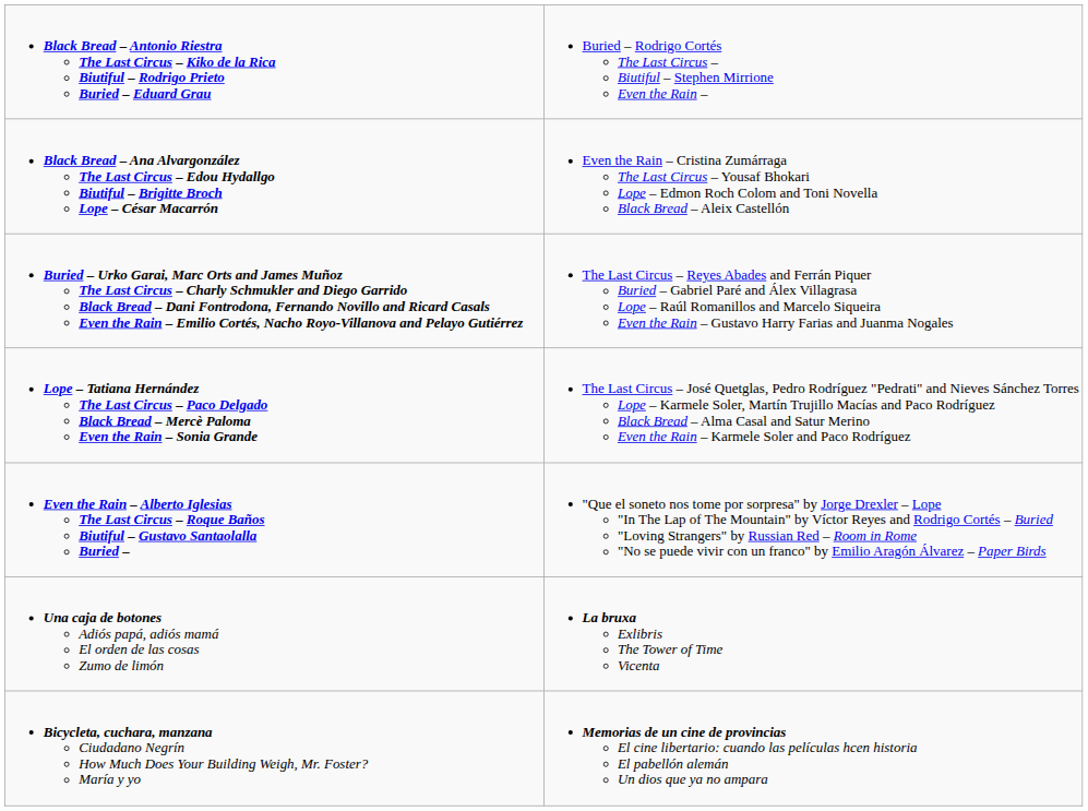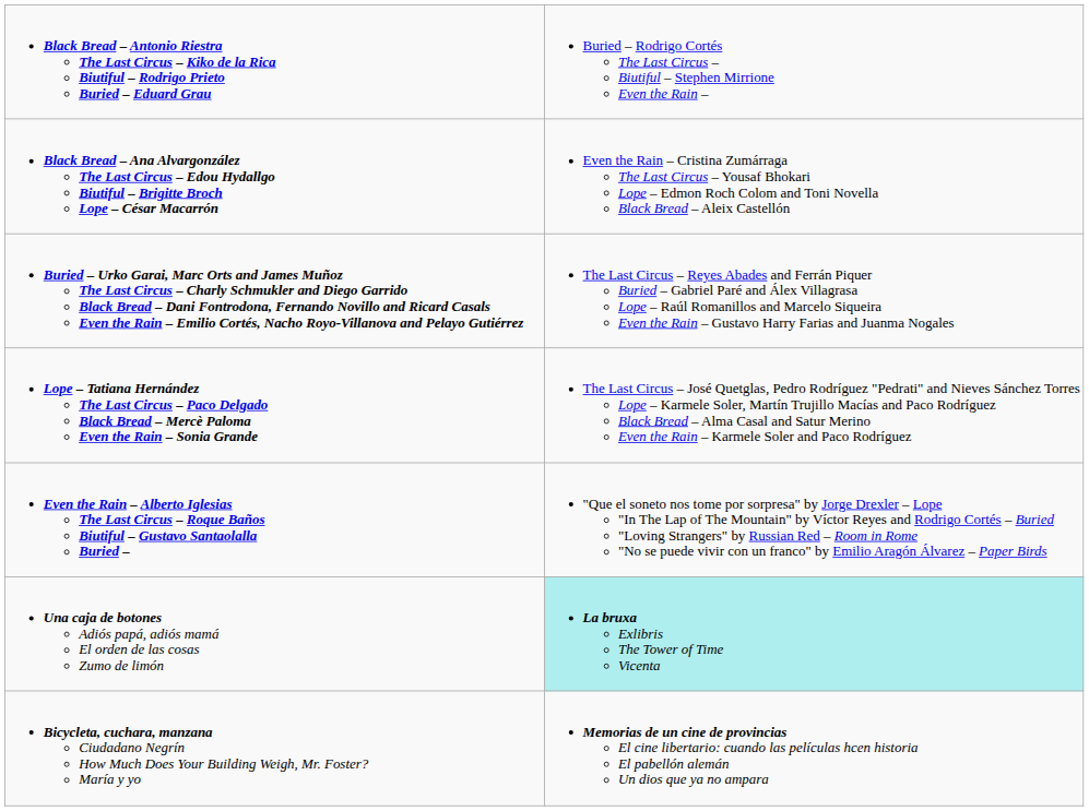 <table class=wikitable style="width="100%">
 <tr>
 <td style="vertical-align:top;" width="50%"><br><ul><li><strong><em><a href='#'>Black Bread</a><em> – <a href='#'>Antonio Riestra</a><strong><ul><li></em><a href='#'>The Last Circus</a><em> – <a href='#'>Kiko de la Rica</a></li><li></em><a href='#'>Biutiful</a><em> – <a href='#'>Rodrigo Prieto</a></li><li></em><a href='#'>Buried</a><em> – <a href='#'>Eduard Grau</a></li></ul></li></ul></td>
 <td style="vertical-align:top;" width="50%"><br><ul><li></em></strong><a href='#'>Buried</a></em> – <a href='#'>Rodrigo Cortés</a></strong><ul><li><em><a href='#'>The Last Circus</a></em> – </li><li><em><a href='#'>Biutiful</a></em> – <a href='#'>Stephen Mirrione</a></li><li><em><a href='#'>Even the Rain</a></em> – </li></ul></li></ul></td>
 </tr>
 <tr>
 <td style="vertical-align:top;" width="50%"><br><ul><li><strong><em><a href='#'>Black Bread</a><em> – Ana Alvargonzález<strong><ul><li></em><a href='#'>The Last Circus</a><em> – Edou Hydallgo</li><li></em><a href='#'>Biutiful</a><em> – <a href='#'>Brigitte Broch</a></li><li></em><a href='#'>Lope</a><em> – César Macarrón</li></ul></li></ul></td>
 <td style="vertical-align:top;" width="50%"><br><ul><li></em></strong><a href='#'>Even the Rain</a></em> – Cristina Zumárraga</strong><ul><li><em><a href='#'>The Last Circus</a></em> – Yousaf Bhokari</li><li><em><a href='#'>Lope</a></em> – Edmon Roch Colom and Toni Novella</li><li><em><a href='#'>Black Bread</a></em> – Aleix Castellón</li></ul></li></ul></td>
 </tr>
 <tr>
 <td style="vertical-align:top;" width="50%"><br><ul><li><strong><em><a href='#'>Buried</a><em> – Urko Garai, Marc Orts and James Muñoz<strong><ul><li></em><a href='#'>The Last Circus</a><em> – Charly Schmukler and Diego Garrido</li><li></em><a href='#'>Black Bread</a><em> – Dani Fontrodona, Fernando Novillo and Ricard Casals</li><li></em><a href='#'>Even the Rain</a><em> – Emilio Cortés, Nacho Royo-Villanova and Pelayo Gutiérrez</li></ul></li></ul></td>
 <td style="vertical-align:top;" width="50%"><br><ul><li></em></strong><a href='#'>The Last Circus</a></em> – <a href='#'>Reyes Abades</a> and Ferrán Piquer</strong><ul><li><em><a href='#'>Buried</a></em> – Gabriel Paré and Álex Villagrasa</li><li><em><a href='#'>Lope</a></em> – Raúl Romanillos and Marcelo Siqueira</li><li><em><a href='#'>Even the Rain</a></em> – Gustavo Harry Farias and Juanma Nogales</li></ul></li></ul></td>
 </tr>
 <tr>
 <td style="vertical-align:top;" width="50%"><br><ul><li><strong><em><a href='#'>Lope</a><em> – Tatiana Hernández<strong><ul><li></em><a href='#'>The Last Circus</a><em> – <a href='#'>Paco Delgado</a></li><li></em><a href='#'>Black Bread</a><em> – Mercè Paloma</li><li></em><a href='#'>Even the Rain</a><em> – Sonia Grande</li></ul></li></ul></td>
 <td style="vertical-align:top;" width="50%"><br><ul><li></em></strong><a href='#'>The Last Circus</a></em> – José Quetglas, Pedro Rodríguez "Pedrati" and Nieves Sánchez Torres</strong><ul><li><em><a href='#'>Lope</a></em> – Karmele Soler, Martín Trujillo Macías and Paco Rodríguez</li><li><em><a href='#'>Black Bread</a></em> – Alma Casal and Satur Merino</li><li><em><a href='#'>Even the Rain</a></em> – Karmele Soler and Paco Rodríguez</li></ul></li></ul></td>
 </tr>
 <tr>
 <td style="vertical-align:top;" width="50%"><br><ul><li><strong><em><a href='#'>Even the Rain</a><em> – <a href='#'>Alberto Iglesias</a><strong><ul><li></em><a href='#'>The Last Circus</a><em> – <a href='#'>Roque Baños</a></li><li></em><a href='#'>Biutiful</a><em> – <a href='#'>Gustavo Santaolalla</a></li><li></em><a href='#'>Buried</a><em> – </li></ul></li></ul></td>
 <td style="vertical-align:top;" width="50%"><br><ul><li></strong>"Que el soneto nos tome por sorpresa" by <a href='#'>Jorge Drexler</a> – </em><a href='#'>Lope</a></em></strong><ul><li>"In The Lap of The Mountain" by Víctor Reyes and <a href='#'>Rodrigo Cortés</a> – <em><a href='#'>Buried</a></em></li><li>"Loving Strangers" by <a href='#'>Russian Red</a> – <em><a href='#'>Room in Rome</a></em></li><li>"No se puede vivir con un franco" by <a href='#'>Emilio Aragón Álvarez</a> – <em><a href='#'>Paper Birds</a></em></li></ul></li></ul></td>
 </tr>
 <tr>
 <td style="vertical-align:top;" width="50%"><br><ul><li><strong><em>Una caja de botones</em></strong><ul><li><em>Adiós papá, adiós mamá</em></li><li><em>El orden de las cosas</em></li><li><em>Zumo de limón</em></li></ul></li></ul></td>
-<td style="vertical-align:top;" width="50%"><br><ul><li><strong><em>La bruxa</em></strong><ul><li><em>Exlibris</em></li><li><em>The Tower of Time</em></li><li><em>Vicenta</em></li></ul></li></ul></td>
+<td style="background: paleturquoise; vertical-align:top;" width="50%"><br><ul><li><strong><em>La bruxa</em></strong><ul><li><em>Exlibris</em></li><li><em>The Tower of Time</em></li><li><em>Vicenta</em></li></ul></li></ul></td>
 </tr>
 <tr>
 <td style="vertical-align:top;" width="50%"><br><ul><li><strong><em>Bicycleta, cuchara, manzana</em></strong><ul><li><em>Ciudadano Negrín</em></li><li><em>How Much Does Your Building Weigh, Mr. Foster?</em></li><li><em>María y yo</em></li></ul></li></ul></td>
 <td style="vertical-align:top;" width="50%"><br><ul><li><strong><em>Memorias de un cine de provincias</em></strong><ul><li><em>El cine libertario: cuando las películas hcen historia</em></li><li><em>El pabellón alemán</em></li><li><em>Un dios que ya no ampara</em></li></ul></li></ul></td>
 </tr>
 </table>
